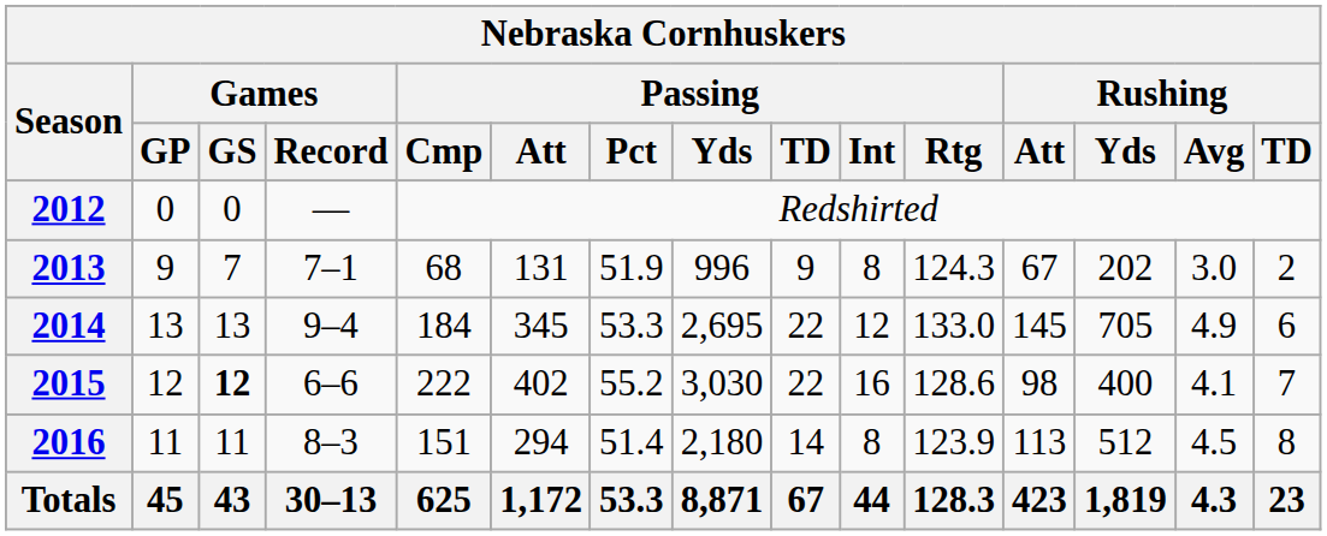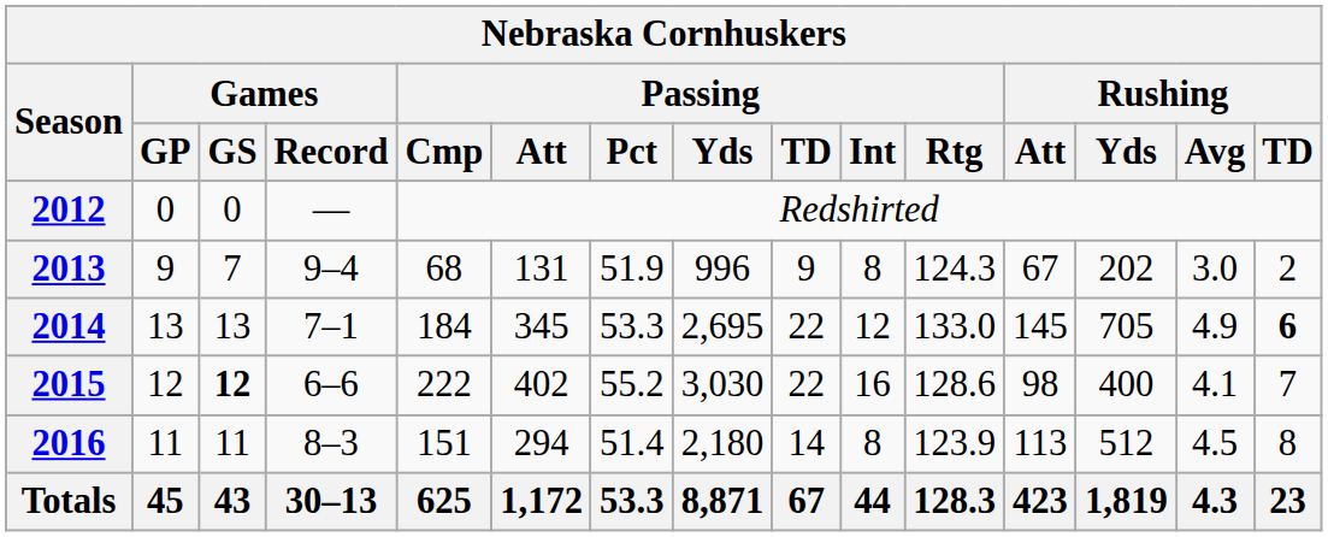 <table class=wikitable style="text-align:center;">
 <tr>
 <th colspan="15">Nebraska Cornhuskers</th>
 </tr>
 <tr>
 <th rowspan="2">Season</th>
 <th colspan="3">Games</th>
 <th colspan="7">Passing</th>
 <th colspan="4">Rushing</th>
 </tr>
 <tr>
 <th>GP</th>
 <th>GS</th>
 <th>Record</th>
 <th>Cmp</th>
 <th>Att</th>
 <th>Pct</th>
 <th>Yds</th>
 <th>TD</th>
 <th>Int</th>
 <th>Rtg</th>
 <th>Att</th>
 <th>Yds</th>
 <th>Avg</th>
 <th>TD</th>
 </tr>
 <tr>
 <th><a href='#'>2012</a></th>
 <td>0</td>
 <td>0</td>
 <td>—</td>
 <td colspan="11"> <em>Redshirted</em></td>
 </tr>
 <tr>
 <th><a href='#'>2013</a></th>
 <td>9</td>
 <td>7</td>
-<td>7–1</td>
+<td>9–4</td>
 <td>68</td>
 <td>131</td>
 <td>51.9</td>
 <td>996</td>
 <td>9</td>
 <td>8</td>
 <td>124.3</td>
 <td>67</td>
 <td>202</td>
 <td>3.0</td>
 <td>2</td>
 </tr>
 <tr>
 <th><a href='#'>2014</a></th>
 <td>13</td>
 <td>13</td>
-<td>9–4</td>
+<td>7–1</td>
 <td>184</td>
 <td>345</td>
 <td>53.3</td>
 <td>2,695</td>
 <td>22</td>
 <td>12</td>
 <td>133.0</td>
 <td>145</td>
 <td>705</td>
 <td>4.9</td>
-<td>6</td>
+<td><strong>6</strong></td>
 </tr>
 <tr>
 <th><a href='#'>2015</a></th>
 <td>12</td>
 <td><strong>12</strong></td>
 <td>6–6</td>
 <td>222</td>
 <td>402</td>
 <td>55.2</td>
 <td>3,030</td>
 <td>22</td>
 <td>16</td>
 <td>128.6</td>
 <td>98</td>
 <td>400</td>
 <td>4.1</td>
 <td>7</td>
 </tr>
 <tr>
 <th><a href='#'>2016</a></th>
 <td>11</td>
 <td>11</td>
 <td>8–3</td>
 <td>151</td>
 <td>294</td>
 <td>51.4</td>
 <td>2,180</td>
 <td>14</td>
 <td>8</td>
 <td>123.9</td>
 <td>113</td>
 <td>512</td>
 <td>4.5</td>
 <td>8</td>
 </tr>
 <tr>
 <th>Totals</th>
 <th>45</th>
 <th>43</th>
 <th>30–13</th>
 <th>625</th>
 <th>1,172</th>
 <th>53.3</th>
 <th>8,871</th>
 <th>67</th>
 <th>44</th>
 <th>128.3</th>
 <th>423</th>
 <th>1,819</th>
 <th>4.3</th>
 <th>23</th>
 </tr>
 </table>
